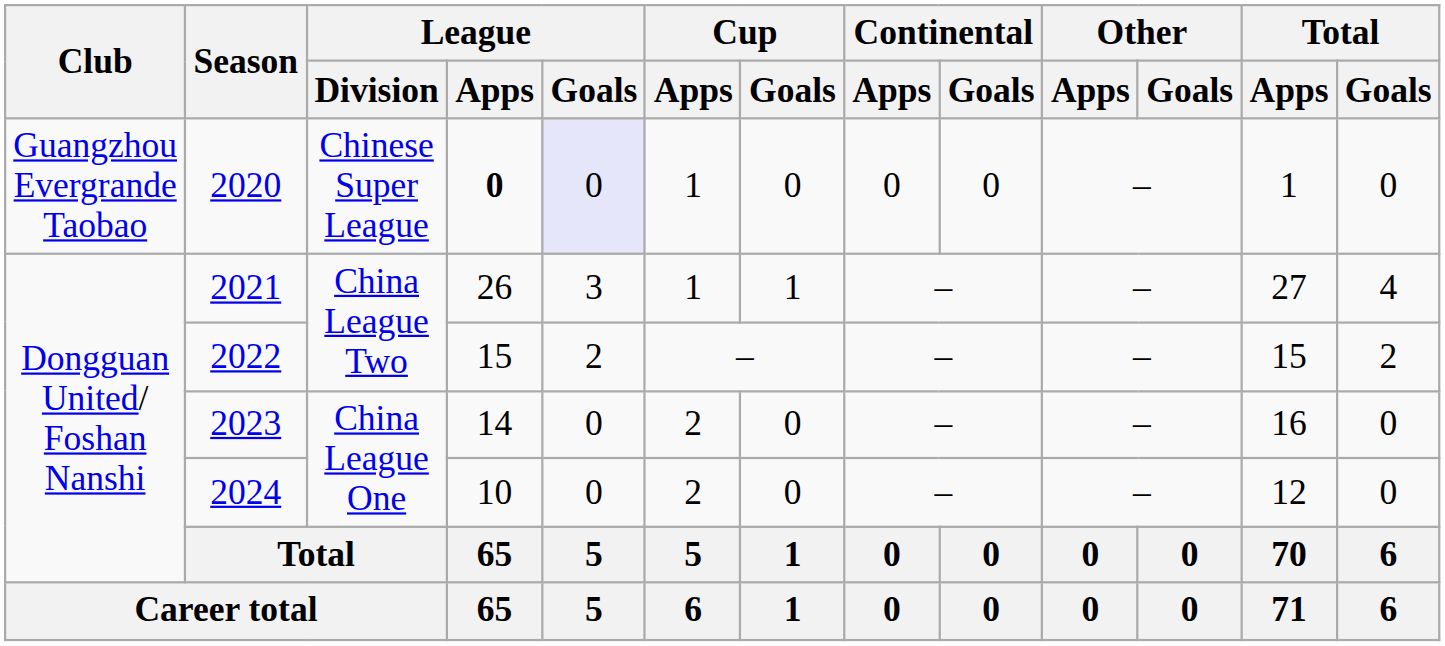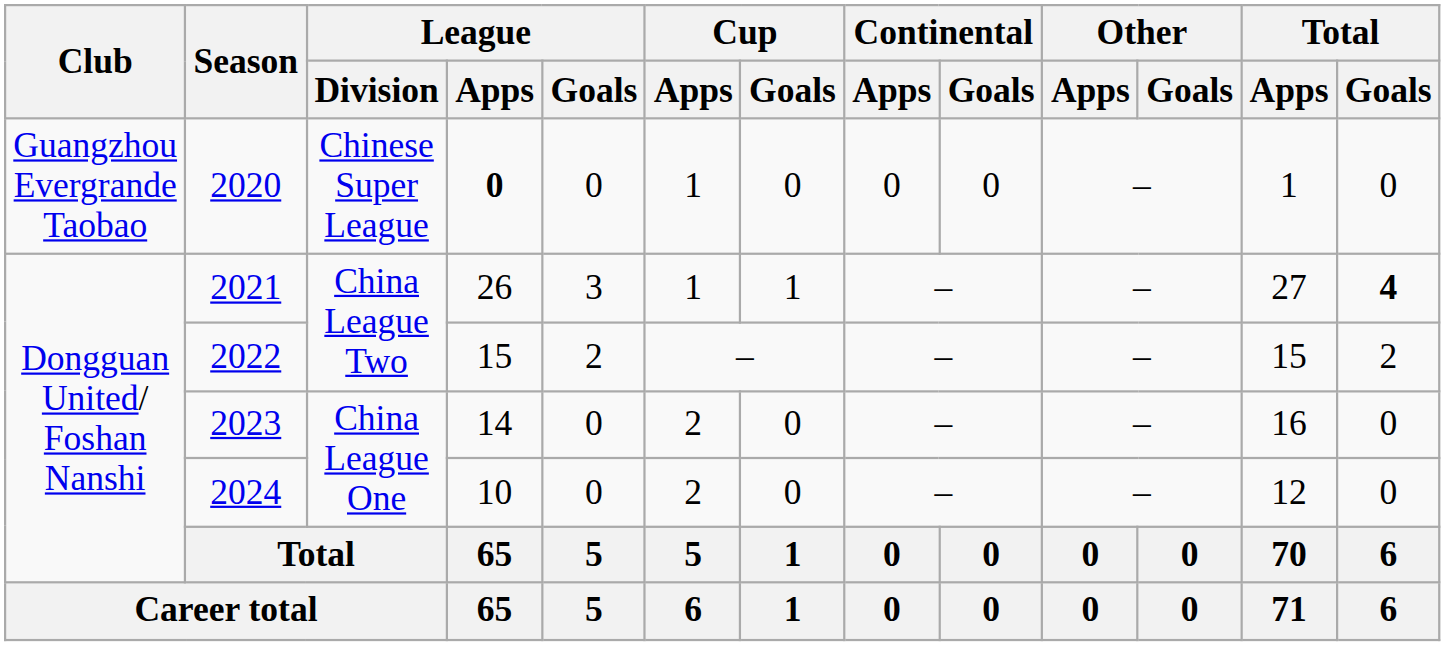 <table class="wikitable" style="text-align: center">
 <tr>
 <th rowspan="2">Club</th>
 <th rowspan="2">Season</th>
 <th colspan="3">League</th>
 <th colspan="2">Cup</th>
 <th colspan="2">Continental</th>
 <th colspan="2">Other</th>
 <th colspan="2">Total</th>
 </tr>
 <tr>
 <th>Division</th>
 <th>Apps</th>
 <th>Goals</th>
 <th>Apps</th>
 <th>Goals</th>
 <th>Apps</th>
 <th>Goals</th>
 <th>Apps</th>
 <th>Goals</th>
 <th>Apps</th>
 <th>Goals</th>
 </tr>
 <tr>
 <td><a href='#'>Guangzhou Evergrande Taobao</a></td>
 <td><a href='#'>2020</a></td>
 <td><a href='#'>Chinese Super League</a></td>
 <td><strong>0</strong></td>
-<td style="background: lavender;">0</td>
+<td>0</td>
 <td>1</td>
 <td>0</td>
 <td>0</td>
 <td>0</td>
 <td colspan="2">–</td>
 <td>1</td>
 <td>0</td>
 </tr>
 <tr>
 <td rowspan="5"><a href='#'>Dongguan United</a>/<br><a href='#'>Foshan Nanshi</a></td>
 <td><a href='#'>2021</a></td>
 <td rowspan="2"><a href='#'>China League Two</a></td>
 <td>26</td>
 <td>3</td>
 <td>1</td>
 <td>1</td>
 <td colspan="2">–</td>
 <td colspan="2">–</td>
 <td>27</td>
-<td>4</td>
+<td><strong>4</strong></td>
 </tr>
 <tr>
 <td><a href='#'>2022</a></td>
 <td>15</td>
 <td>2</td>
 <td colspan="2">–</td>
 <td colspan="2">–</td>
 <td colspan="2">–</td>
 <td>15</td>
 <td>2</td>
 </tr>
 <tr>
 <td><a href='#'>2023</a></td>
 <td rowspan=2><a href='#'>China League One</a></td>
 <td>14</td>
 <td>0</td>
 <td>2</td>
 <td>0</td>
 <td colspan="2">–</td>
 <td colspan="2">–</td>
 <td>16</td>
 <td>0</td>
 </tr>
 <tr>
 <td><a href='#'>2024</a></td>
 <td>10</td>
 <td>0</td>
 <td>2</td>
 <td>0</td>
 <td colspan="2">–</td>
 <td colspan="2">–</td>
 <td>12</td>
 <td>0</td>
 </tr>
 <tr>
 <th colspan=2>Total</th>
 <th>65</th>
 <th>5</th>
 <th>5</th>
 <th>1</th>
 <th>0</th>
 <th>0</th>
 <th>0</th>
 <th>0</th>
 <th>70</th>
 <th>6</th>
 </tr>
 <tr>
 <th colspan=3>Career total</th>
 <th>65</th>
 <th>5</th>
 <th>6</th>
 <th>1</th>
 <th>0</th>
 <th>0</th>
 <th>0</th>
 <th>0</th>
 <th>71</th>
 <th>6</th>
 </tr>
 </table>
